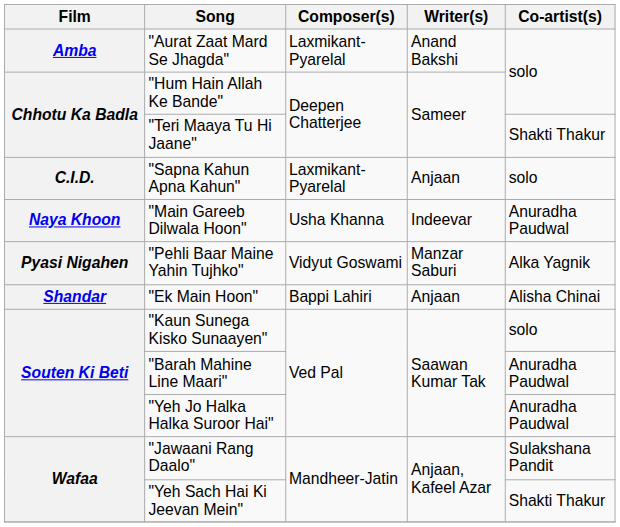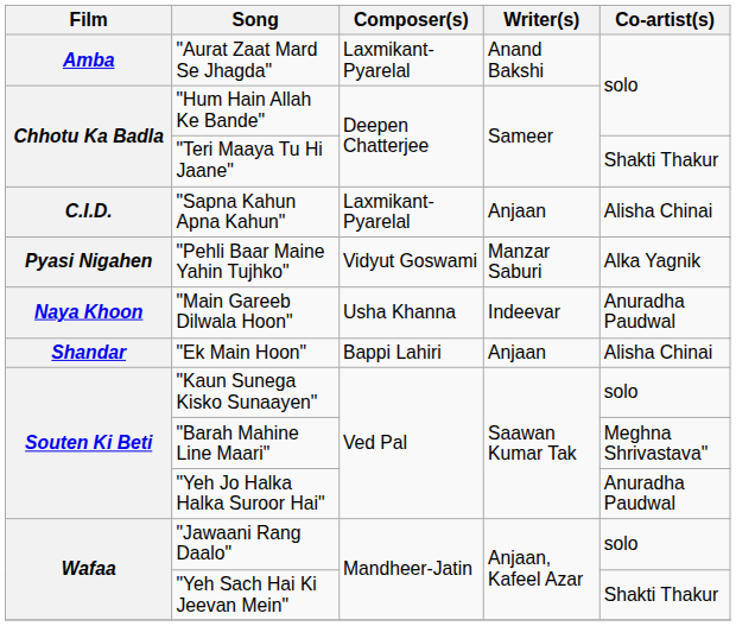 <table class="wikitable plainrowheaders" width="100%" textcolor:#000;">
 <tr style="background:#b0e0e66;">
 <th scope="col" width=23%><strong>Film</strong></th>
 <th scope="col" width=23%><strong>Song</strong></th>
 <th scope="col" width=20%><strong>Composer(s)</strong></th>
 <th scope="col" width=16%><strong>Writer(s)</strong></th>
 <th scope="col" width=18%><strong>Co-artist(s)</strong></th>
 </tr>
 <tr>
 <th><em><a href='#'>Amba</a></em></th>
 <td>"Aurat Zaat Mard Se Jhagda"</td>
 <td>Laxmikant-Pyarelal</td>
 <td>Anand Bakshi</td>
 <td rowspan=2>solo</td>
 </tr>
 <tr>
 <th rowspan=2><em>Chhotu Ka Badla</em></th>
 <td>"Hum Hain Allah Ke Bande"</td>
 <td rowspan=2>Deepen Chatterjee</td>
 <td rowspan=2>Sameer</td>
 </tr>
 <tr>
 <td>"Teri Maaya Tu Hi Jaane"</td>
 <td>Shakti Thakur</td>
 </tr>
 <tr>
 <th><em>C.I.D.</em></th>
 <td>"Sapna Kahun Apna Kahun"</td>
 <td>Laxmikant-Pyarelal</td>
 <td>Anjaan</td>
-<td>solo</td>
+<td>Alisha Chinai</td>
+</tr>
+<tr>
+<th><em>Pyasi Nigahen</em></th>
+<td>"Pehli Baar Maine Yahin Tujhko"</td>
+<td>Vidyut Goswami</td>
+<td>Manzar Saburi</td>
+<td>Alka Yagnik</td>
 </tr>
 <tr>
 <th><em><a href='#'>Naya Khoon</a></em></th>
 <td>"Main Gareeb Dilwala Hoon"</td>
 <td>Usha Khanna</td>
 <td>Indeevar</td>
 <td>Anuradha Paudwal</td>
-</tr>
-<tr>
-<th><em>Pyasi Nigahen</em></th>
-<td>"Pehli Baar Maine Yahin Tujhko"</td>
-<td>Vidyut Goswami</td>
-<td>Manzar Saburi</td>
-<td>Alka Yagnik</td>
 </tr>
 <tr>
 <th><em><a href='#'>Shandar</a></em></th>
 <td>"Ek Main Hoon"</td>
 <td>Bappi Lahiri</td>
 <td>Anjaan</td>
 <td>Alisha Chinai</td>
 </tr>
 <tr>
 <th rowspan=3><em><a href='#'>Souten Ki Beti</a></em></th>
 <td>"Kaun Sunega Kisko Sunaayen"</td>
 <td rowspan=3>Ved Pal</td>
 <td rowspan=3>Saawan Kumar Tak</td>
 <td>solo</td>
 </tr>
 <tr>
 <td>"Barah Mahine Line Maari"</td>
-<td>Anuradha Paudwal</td>
+<td>Meghna Shrivastava"</td>
 </tr>
 <tr>
 <td>"Yeh Jo Halka Halka Suroor Hai"</td>
 <td>Anuradha Paudwal</td>
 </tr>
 <tr>
 <th rowspan=2><em>Wafaa</em></th>
 <td>"Jawaani Rang Daalo"</td>
 <td rowspan=2>Mandheer-Jatin</td>
 <td rowspan=2>Anjaan, Kafeel Azar</td>
-<td>Sulakshana Pandit</td>
+<td>solo</td>
 </tr>
 <tr>
 <td>"Yeh Sach Hai Ki Jeevan Mein"</td>
 <td>Shakti Thakur</td>
 </tr>
 <tr>
 </tr>
 </table>
